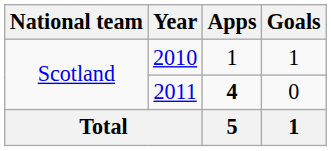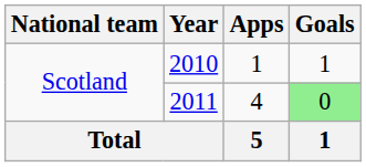 <table class="wikitable" style="text-align:center">
 <tr>
 <th>National team</th>
 <th>Year</th>
 <th>Apps</th>
 <th>Goals</th>
 </tr>
 <tr>
 <td rowspan="2"><a href='#'>Scotland</a></td>
 <td><a href='#'>2010</a></td>
 <td>1</td>
 <td>1</td>
 </tr>
 <tr>
 <td><a href='#'>2011</a></td>
-<td><strong>4</strong></td>
-<td>0</td>
+<td>4</td>
+<td style="background: lightgreen;">0</td>
 </tr>
 <tr>
 <th colspan="2">Total</th>
 <th>5</th>
 <th>1</th>
 </tr>
 </table>
